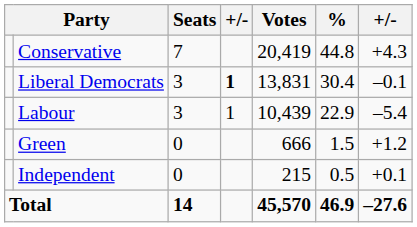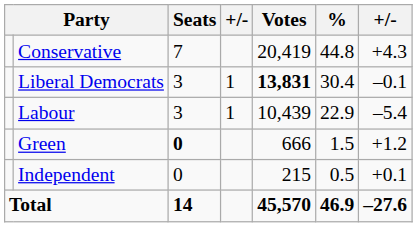 <table class="wikitable sortable">
 <tr>
 <th colspan="2">Party</th>
 <th>Seats</th>
 <th>+/-</th>
 <th>Votes</th>
 <th>%</th>
 <th>+/-</th>
 </tr>
 <tr>
 <td style="background-color: "></td>
 <td><a href='#'>Conservative</a></td>
 <td>7</td>
 <td></td>
 <td style="text-align:right;">20,419</td>
 <td style="text-align:right;">44.8</td>
 <td style="text-align:right;">+4.3</td>
 </tr>
 <tr>
 <td style="background-color: "></td>
 <td><a href='#'>Liberal Democrats</a></td>
 <td>3</td>
-<td><strong> 1</strong></td>
-<td style="text-align:right;">13,831</td>
+<td> 1</td>
+<td style="text-align:right;"><strong>13,831</strong></td>
 <td style="text-align:right;">30.4</td>
 <td style="text-align:right;">–0.1</td>
 </tr>
 <tr>
 <td style="background-color: "></td>
 <td><a href='#'>Labour</a></td>
 <td>3</td>
 <td> 1</td>
 <td style="text-align:right;">10,439</td>
 <td style="text-align:right;">22.9</td>
 <td style="text-align:right;">–5.4</td>
 </tr>
 <tr>
 <td style="background-color: "></td>
 <td><a href='#'>Green</a></td>
-<td>0</td>
+<td><strong>0</strong></td>
 <td></td>
 <td style="text-align:right;">666</td>
 <td style="text-align:right;">1.5</td>
 <td style="text-align:right;">+1.2</td>
 </tr>
 <tr>
 <td style="background-color: "></td>
 <td><a href='#'>Independent</a></td>
 <td>0</td>
 <td></td>
 <td style="text-align:right;">215</td>
 <td style="text-align:right;">0.5</td>
 <td style="text-align:right;">+0.1</td>
 </tr>
 <tr>
 <td colspan="2"><strong>Total</strong></td>
 <td><strong>14</strong></td>
 <td></td>
 <td style="text-align:right;"><strong>45,570</strong></td>
 <td style="text-align:right;"><strong>46.9</strong></td>
 <td style="text-align:right;"><strong>–27.6</strong></td>
 </tr>
 </table>
